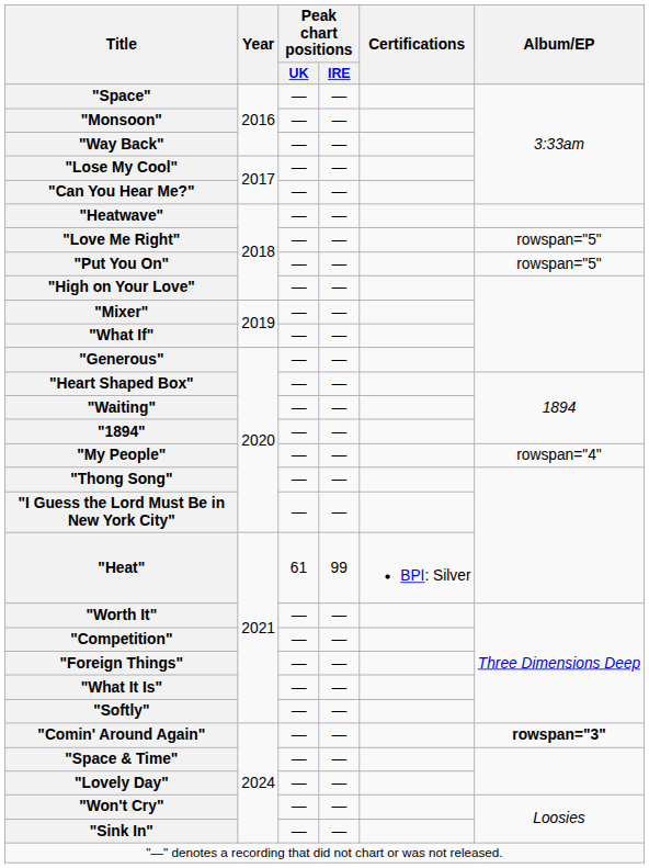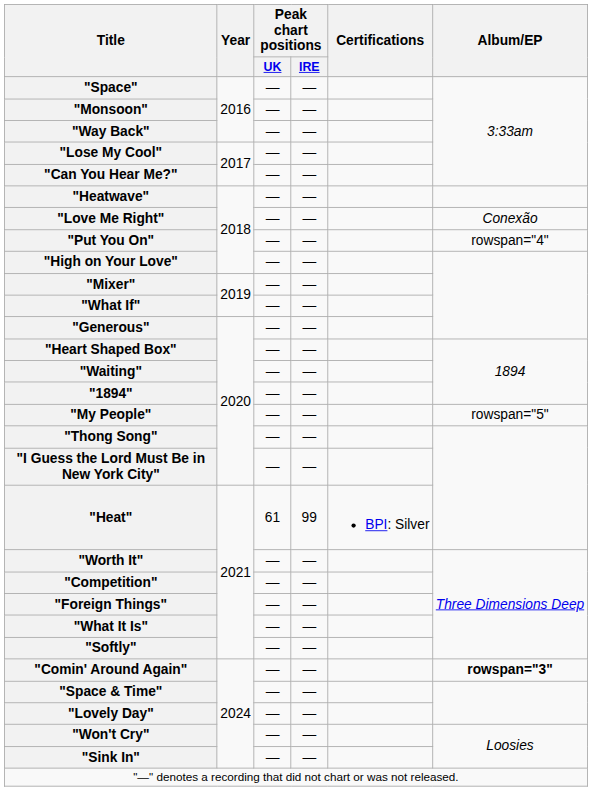 <table class="wikitable plainrowheaders" style="text-align:center;">
 <tr>
 <th scope="col" rowspan="2" style="width:15em;">Title</th>
 <th scope="col" rowspan="2">Year</th>
 <th scope="col" colspan="2">Peak chart positions</th>
 <th scope="col" rowspan="2">Certifications</th>
 <th scope="col" rowspan="2">Album/EP</th>
 </tr>
 <tr>
 <th scope="col" style="width:2.5em;font-size:90%;"><a href='#'>UK</a><br></th>
 <th scope="col" style="width:2.5em;font-size:90%;"><a href='#'>IRE</a><br></th>
 </tr>
 <tr>
 <th scope="row">"Space"</th>
 <td rowspan="3">2016</td>
 <td>―</td>
 <td>―</td>
 <td></td>
 <td rowspan="5"><em>3:33am</em></td>
 </tr>
 <tr>
 <th scope="row">"Monsoon"<br></th>
 <td>―</td>
 <td>―</td>
 <td></td>
 </tr>
 <tr>
 <th scope="row">"Way Back"</th>
 <td>―</td>
 <td>―</td>
 <td></td>
 </tr>
 <tr>
 <th scope="row">"Lose My Cool"</th>
 <td rowspan="2">2017</td>
 <td>―</td>
 <td>―</td>
 <td></td>
 </tr>
 <tr>
 <th scope="row">"Can You Hear Me?"</th>
 <td>―</td>
 <td>―</td>
 <td></td>
 </tr>
 <tr>
 <th scope="row">"Heatwave"</th>
 <td rowspan="4">2018</td>
 <td>―</td>
 <td>―</td>
 <td></td>
 <td></td>
 </tr>
 <tr>
 <th scope="row">"Love Me Right"</th>
 <td>―</td>
 <td>―</td>
 <td></td>
-<td>rowspan="5" </td>
+<td><em>Conexão</em></td>
 </tr>
 <tr>
 <th scope="row">"Put You On"<br></th>
 <td>―</td>
 <td>―</td>
 <td></td>
-<td>rowspan="5" </td>
+<td>rowspan="4" </td>
 </tr>
 <tr>
 <th scope="row">"High on Your Love"</th>
 <td>―</td>
 <td>―</td>
 <td></td>
 </tr>
 <tr>
 <th scope="row">"Mixer"</th>
 <td rowspan="2">2019</td>
 <td>―</td>
 <td>―</td>
 <td></td>
 </tr>
 <tr>
 <th scope="row">"What If"</th>
 <td>―</td>
 <td>―</td>
 <td></td>
 </tr>
 <tr>
 <th scope="row">"Generous"</th>
 <td rowspan="7">2020</td>
 <td>―</td>
 <td>―</td>
 <td></td>
 </tr>
 <tr>
 <th scope="row">"Heart Shaped Box"</th>
 <td>―</td>
 <td>―</td>
 <td></td>
 <td rowspan="3"><em>1894</em></td>
 </tr>
 <tr>
 <th scope="row">"Waiting"</th>
 <td>―</td>
 <td>―</td>
 <td></td>
 </tr>
 <tr>
 <th scope="row">"1894"</th>
 <td>―</td>
 <td>―</td>
 <td></td>
 </tr>
 <tr>
 <th scope="row">"My People"</th>
 <td>―</td>
 <td>―</td>
 <td></td>
-<td>rowspan="4" </td>
+<td>rowspan="5" </td>
 </tr>
 <tr>
 <th scope="row">"Thong Song"</th>
 <td>―</td>
 <td>―</td>
 <td></td>
 </tr>
 <tr>
 <th scope="row">"I Guess the Lord Must Be in New York City"</th>
 <td>―</td>
 <td>―</td>
 <td></td>
 </tr>
 <tr>
 <th scope="row">"Heat"<br></th>
 <td rowspan="6">2021</td>
 <td>61</td>
 <td>99</td>
 <td><br><ul><li><a href='#'>BPI</a>: Silver</li></ul></td>
 </tr>
 <tr>
 <th scope="row">"Worth It"</th>
 <td>―</td>
 <td>―</td>
 <td></td>
 <td rowspan="5"><em><a href='#'>Three Dimensions Deep</a></em></td>
 </tr>
 <tr>
 <th scope="row">"Competition"</th>
 <td>―</td>
 <td>―</td>
 <td></td>
 </tr>
 <tr>
 <th scope="row">"Foreign Things"</th>
 <td>―</td>
 <td>―</td>
 <td></td>
 </tr>
 <tr>
 <th scope="row">"What It Is"</th>
 <td>―</td>
 <td>―</td>
 <td></td>
 </tr>
 <tr>
 <th scope="row">"Softly"</th>
 <td>―</td>
 <td>―</td>
 <td></td>
 </tr>
 <tr>
 <th scope="row">"Comin' Around Again"</th>
 <td rowspan="5">2024</td>
 <td>―</td>
 <td>―</td>
 <td></td>
 <td><strong>rowspan="3" </strong></td>
 </tr>
 <tr>
 <th scope="row">"Space & Time"</th>
 <td>―</td>
 <td>―</td>
 <td></td>
 </tr>
 <tr>
 <th scope="row">"Lovely Day"</th>
 <td>―</td>
 <td>―</td>
 <td></td>
 </tr>
 <tr>
 <th scope="row">"Won't Cry"</th>
 <td>―</td>
 <td>―</td>
 <td></td>
 <td rowspan="2"><em>Loosies</em></td>
 </tr>
 <tr>
 <th scope="row">"Sink In"</th>
 <td>―</td>
 <td>―</td>
 <td></td>
 </tr>
 <tr>
 <td colspan="8" style="font-size:85%">"—" denotes a recording that did not chart or was not released.</td>
 </tr>
 </table>
